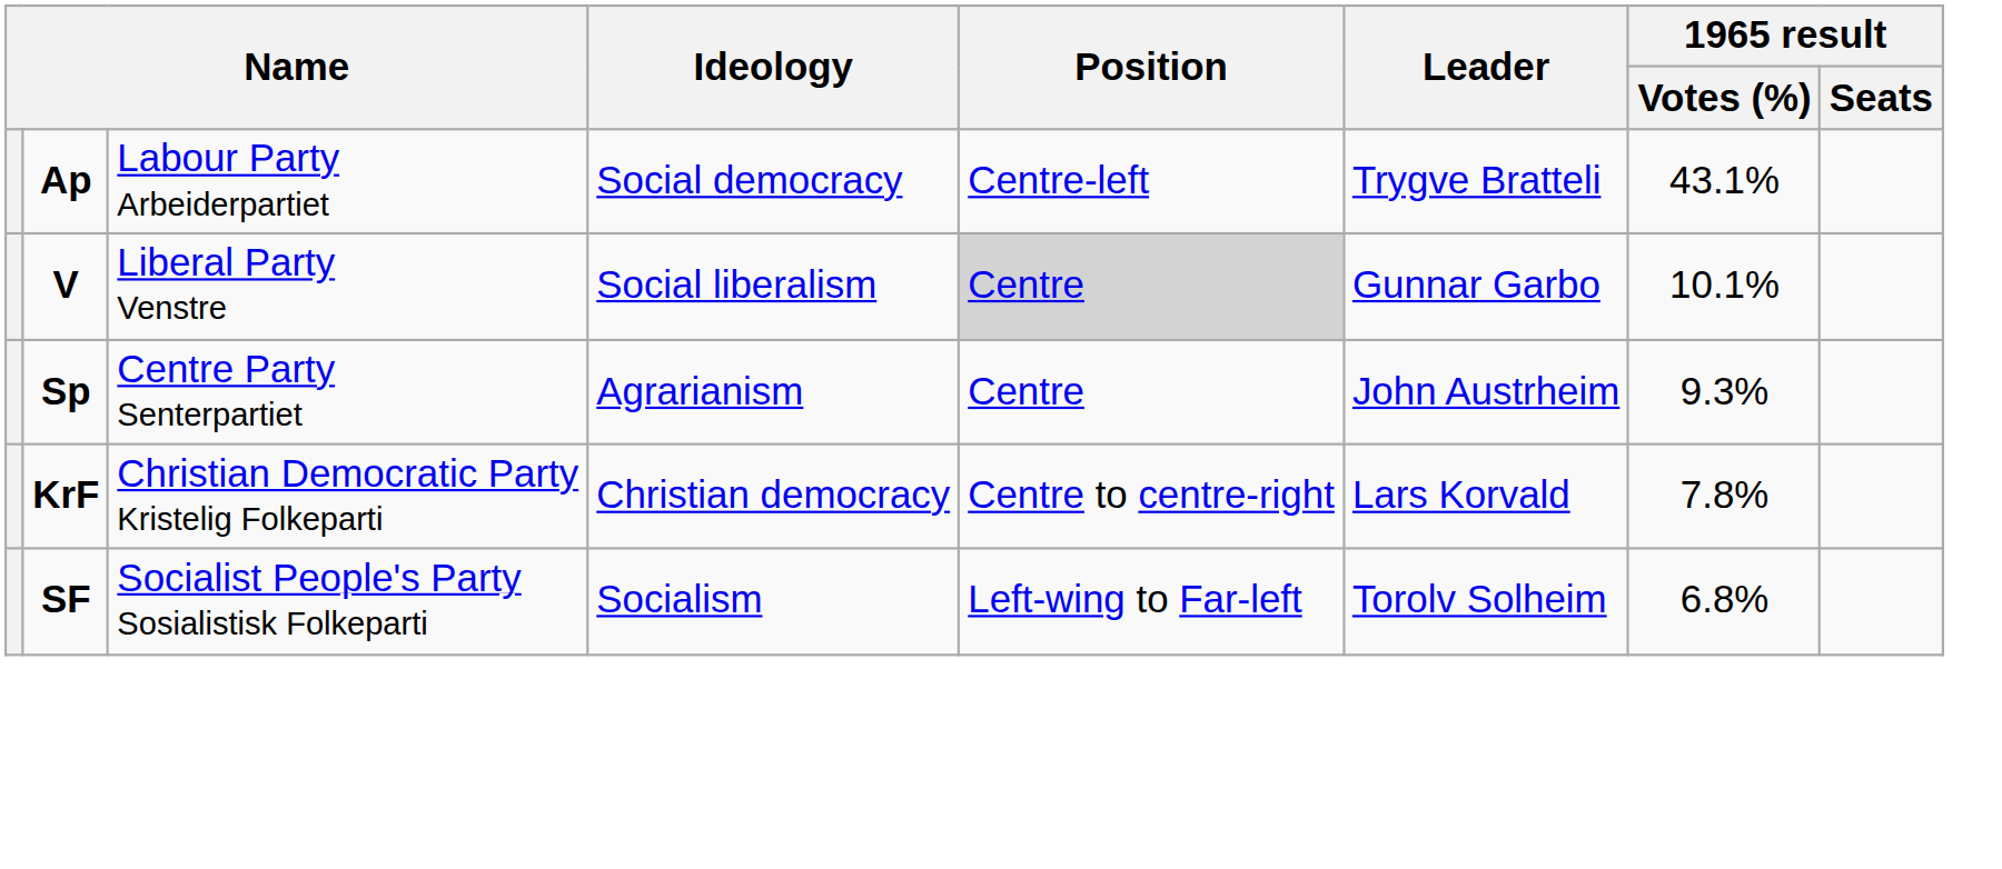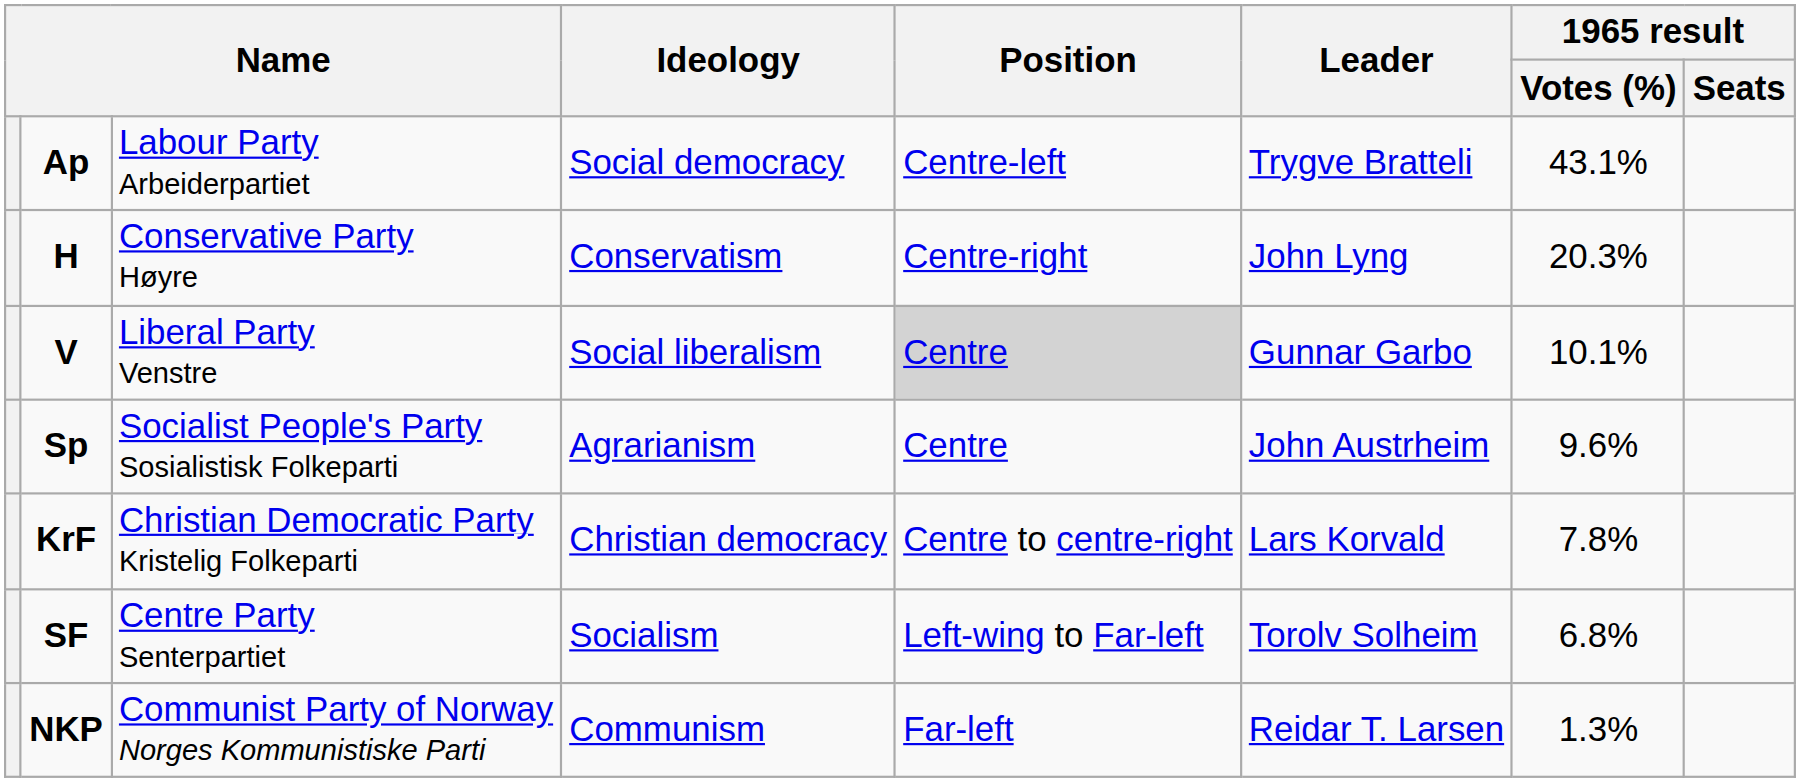 <table class="wikitable">
 <tr>
 <th rowspan=2 colspan=3 width=225px>Name</th>
 <th rowspan=2>Ideology</th>
 <th rowspan=2>Position</th>
 <th rowspan=2>Leader</th>
 <th colspan=2>1965 result</th>
 </tr>
 <tr>
 <th>Votes (%)</th>
 <th>Seats</th>
 </tr>
 <tr>
 <th style="background:"></th>
 <td align=center><strong>Ap</strong></td>
 <td><a href='#'>Labour Party</a><br><small>Arbeiderpartiet</small></td>
 <td><a href='#'>Social democracy</a></td>
 <td><a href='#'>Centre-left</a></td>
 <td><a href='#'>Trygve Bratteli</a></td>
 <td align=center>43.1%</td>
 <td></td>
 </tr>
 <tr>
 <th style="background:"></th>
+<td align=center><strong>H</strong></td>
+<td><a href='#'>Conservative Party</a><br><small>Høyre</small></td>
+<td><a href='#'>Conservatism</a></td>
+<td><a href='#'>Centre-right</a></td>
+<td><a href='#'>John Lyng</a></td>
+<td align=center>20.3%</td>
+<td></td>
+</tr>
+<tr>
+<th style="background:"></th>
 <td align="center"><strong>V</strong></td>
 <td><a href='#'>Liberal Party</a><br><small>Venstre</small></td>
 <td><a href='#'>Social liberalism</a></td>
 <td style="background: lightgrey;"><a href='#'>Centre</a></td>
 <td><a href='#'>Gunnar Garbo</a></td>
 <td align="center">10.1%</td>
 <td></td>
 </tr>
 <tr>
 <th style="background:"></th>
 <td align="center"><strong>Sp</strong></td>
-<td><a href='#'>Centre Party</a><br><small>Senterpartiet</small></td>
+<td><a href='#'>Socialist People's Party</a><br><small>Sosialistisk Folkeparti</small></td>
 <td><a href='#'>Agrarianism</a></td>
 <td><a href='#'>Centre</a></td>
 <td><a href='#'>John Austrheim</a></td>
-<td align="center">9.3%</td>
+<td align="center">9.6%</td>
 <td></td>
 </tr>
 <tr>
 <th style="background:"></th>
 <td align="center"><strong>KrF</strong></td>
 <td><a href='#'>Christian Democratic Party</a><br><small>Kristelig Folkeparti</small></td>
 <td><a href='#'>Christian democracy</a></td>
 <td><a href='#'>Centre</a> to <a href='#'>centre-right</a></td>
 <td><a href='#'>Lars Korvald</a></td>
 <td align="center">7.8%</td>
 <td></td>
 </tr>
 <tr>
 <th style="background:"></th>
 <td align="center"><strong>SF</strong></td>
-<td><a href='#'>Socialist People's Party</a><br><small>Sosialistisk Folkeparti</small></td>
+<td><a href='#'>Centre Party</a><br><small>Senterpartiet</small></td>
 <td><a href='#'>Socialism</a></td>
 <td><a href='#'>Left-wing</a> to <a href='#'>Far-left</a></td>
 <td><a href='#'>Torolv Solheim</a></td>
 <td align="center">6.8%</td>
 <td></td>
 </tr>
+<tr>
+<th style="background:"></th>
+<td align="center"><strong>NKP</strong></td>
+<td><a href='#'>Communist Party of Norway</a><br><small><em>Norges Kommunistiske Parti</em></small></td>
+<td><a href='#'>Communism</a></td>
+<td><a href='#'>Far-left</a></td>
+<td><a href='#'>Reidar T. Larsen</a></td>
+<td align="center">1.3%</td>
+<td></td>
+</tr>
 </table>
